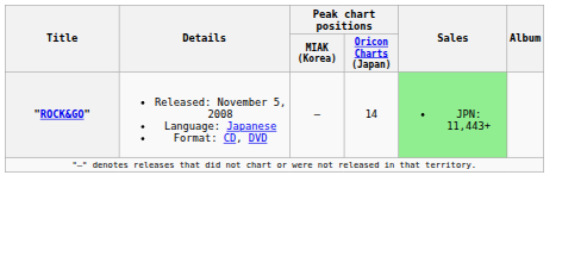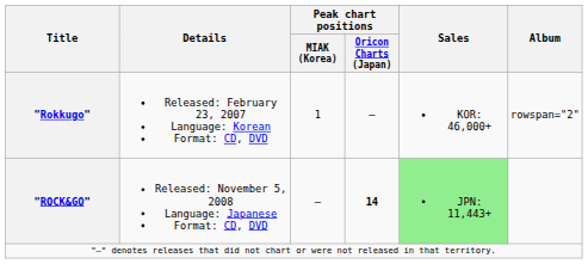 <table class="wikitable plainrowheaders" style="text-align:center;">
 <tr>
 <th scope="col" rowspan="2" style="width:10.5em;">Title</th>
 <th scope="col" rowspan="2" style="width:16em;">Details</th>
 <th scope="col" colspan="2" style="width:10em;">Peak chart positions</th>
 <th scope="col" rowspan="2" style="width:10em;">Sales</th>
 <th scope="col" rowspan="2">Album</th>
 </tr>
 <tr>
 <th scope="col" style="width:3em;font-size:90%;">MIAK<br>(Korea)</th>
 <th scope="col" style="width:3em;font-size:90%;"><a href='#'>Oricon Charts</a><br>(Japan)</th>
 </tr>
 <tr>
+<th scope="row">"<a href='#'>Rokkugo</a>" </th>
+<td><br><ul><li>Released: February 23, 2007</li><li>Language: <a href='#'>Korean</a></li><li>Format: <a href='#'>CD</a>, <a href='#'>DVD</a></li></ul></td>
+<td>1</td>
+<td>–</td>
+<td><br><ul><li>KOR: 46,000+</li></ul></td>
+<td>rowspan="2" </td>
+</tr>
+<tr>
 <th scope="row">"<a href='#'>ROCK&GO</a>" </th>
 <td><br><ul><li>Released: November 5, 2008</li><li>Language: <a href='#'>Japanese</a></li><li>Format: <a href='#'>CD</a>, <a href='#'>DVD</a></li></ul></td>
 <td>–</td>
-<td>14</td>
+<td><strong>14</strong></td>
 <td style="background: lightgreen;"><br><ul><li>JPN: 11,443+</li></ul></td>
 </tr>
 <tr>
 <td colspan="6" style="text-align:center; font-size:8pt;">"—" denotes releases that did not chart or were not released in that territory.</td>
 </tr>
 </table>
